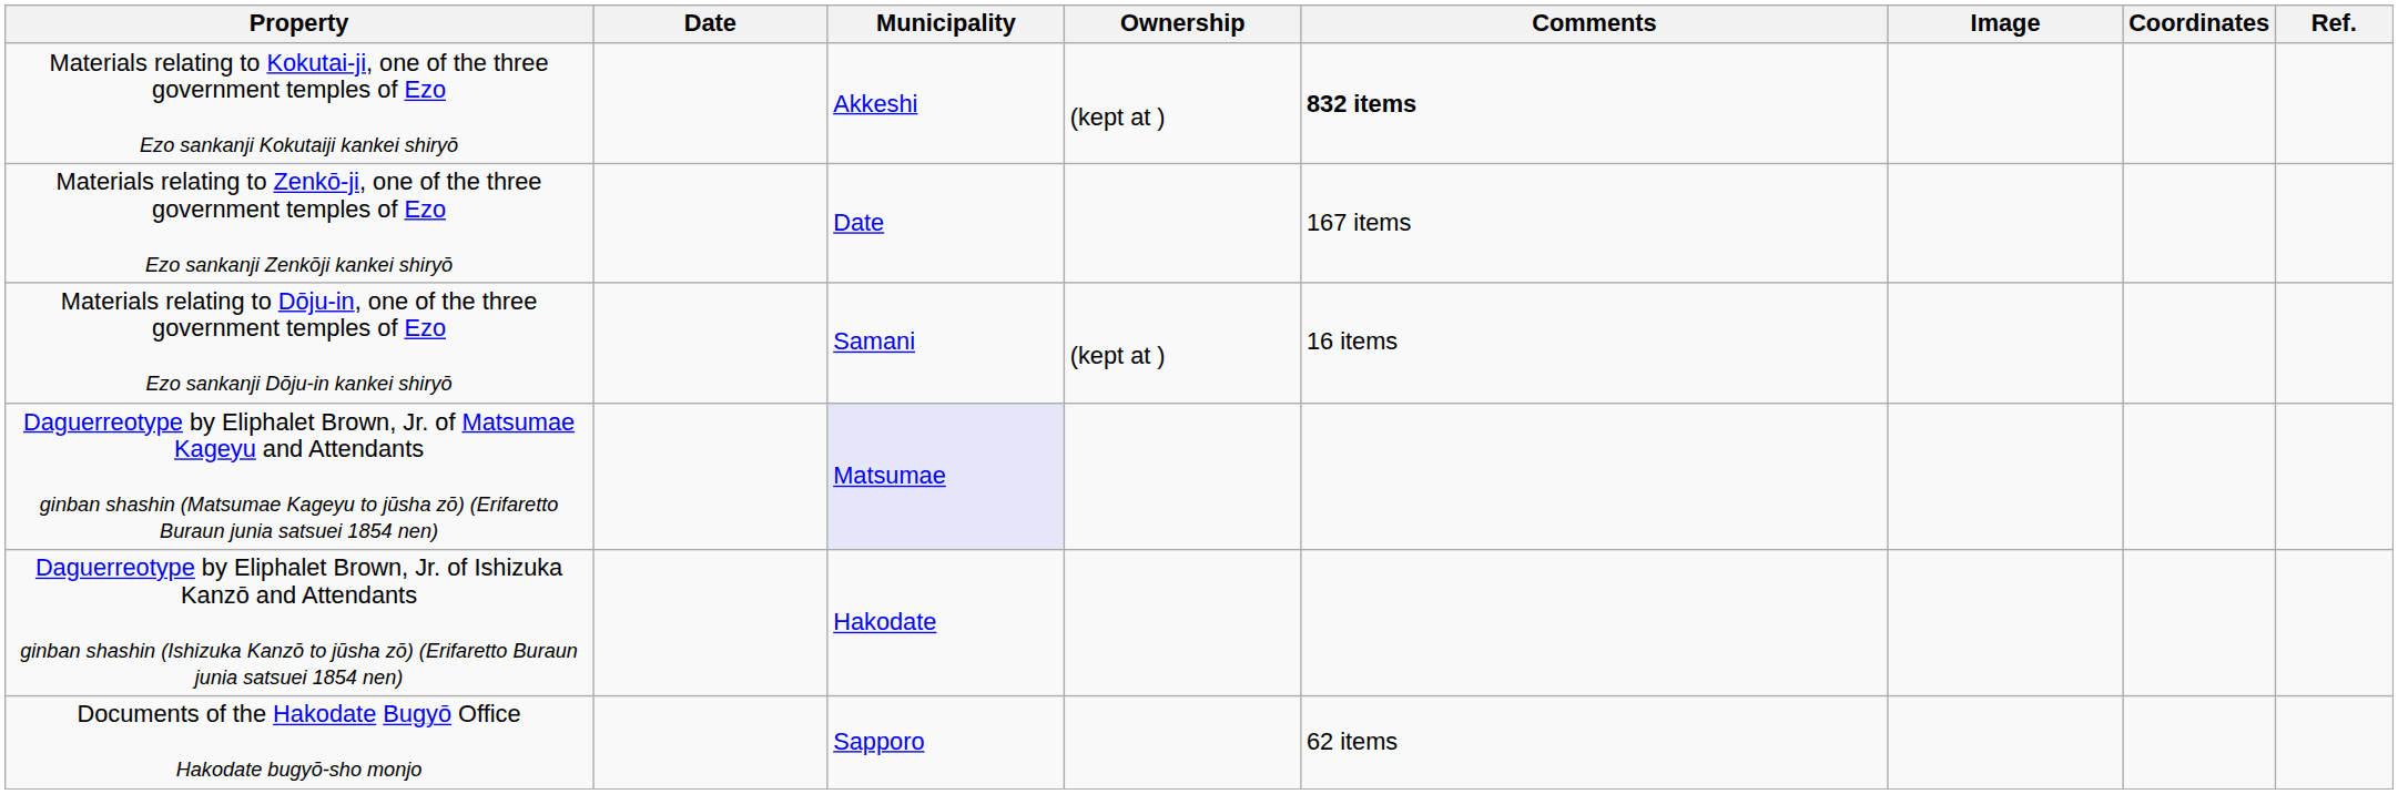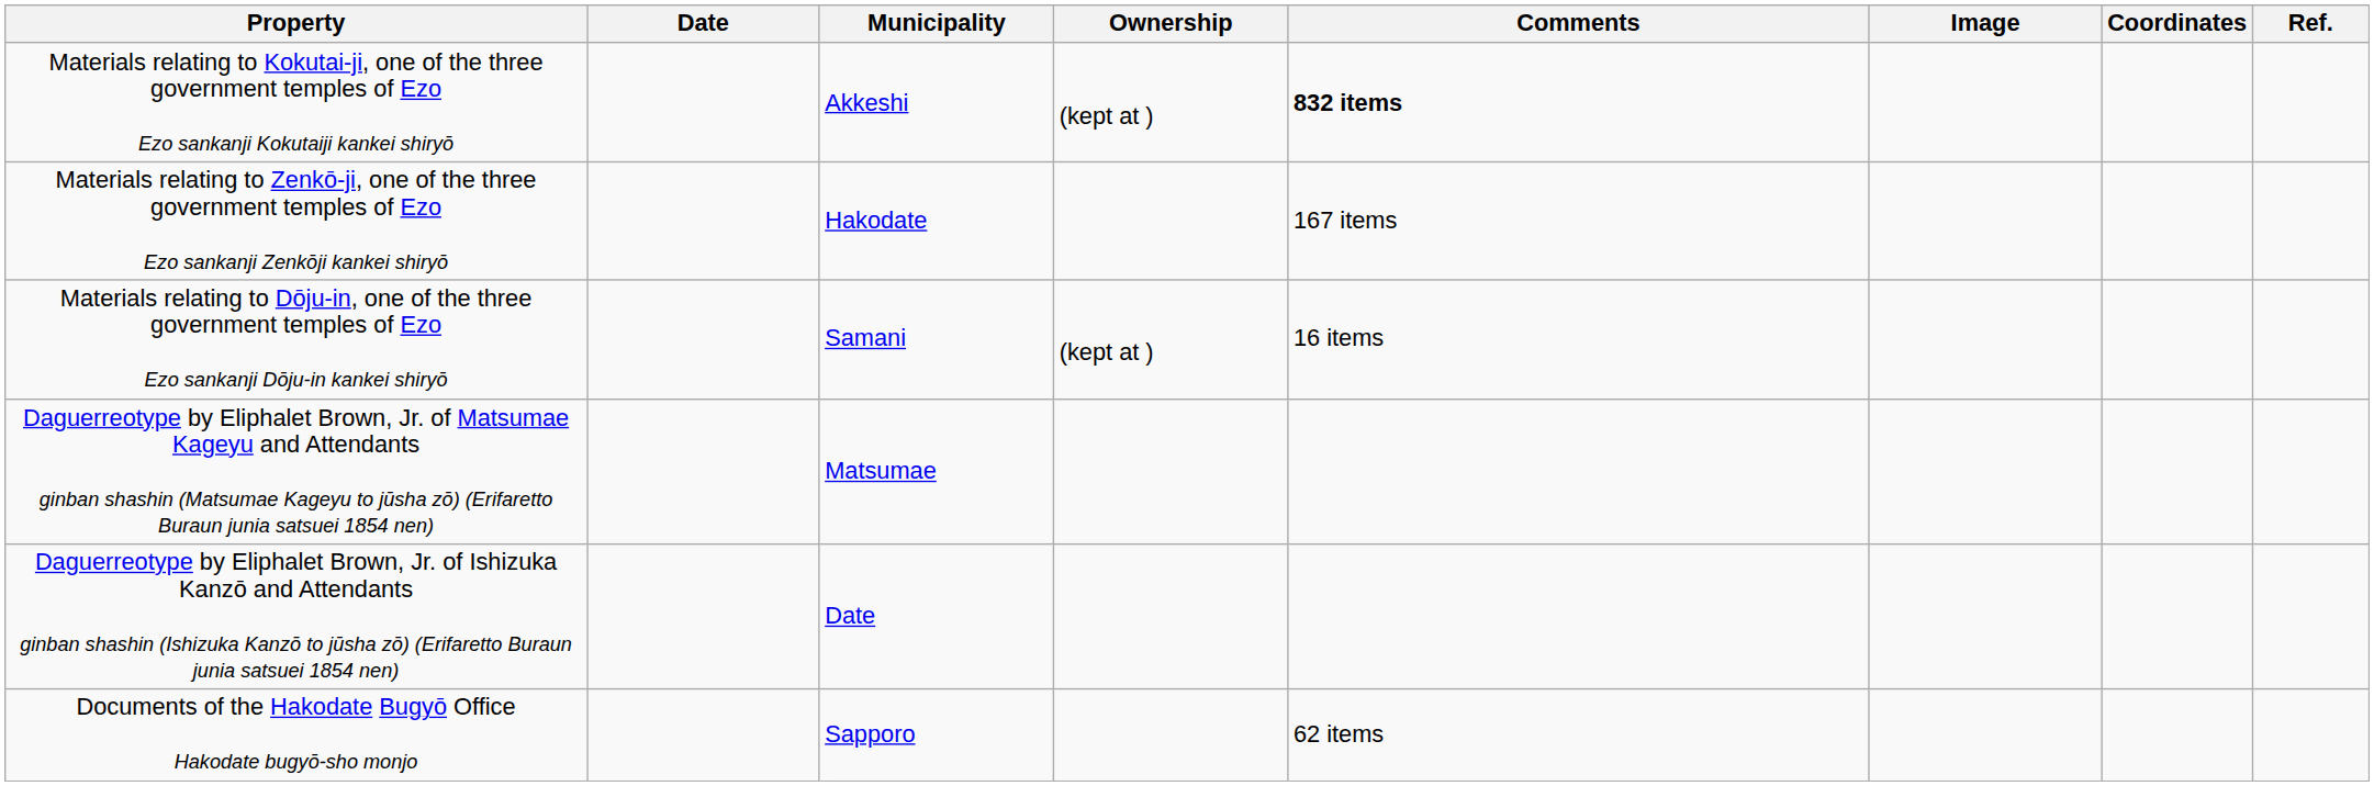 <table class="wikitable sortable"  style="width:100%;">
 <tr>
 <th width="25%" align="left">Property</th>
 <th width="10%" align="left" data-sort-type="number">Date</th>
 <th width="10%" align="left">Municipality</th>
 <th width="10%" align="left">Ownership</th>
 <th width="25%" align="left" class="unsortable">Comments</th>
 <th width="10%" align="left" class="unsortable">Image</th>
 <th width="5%" align="left" class="unsortable">Coordinates</th>
 <th width="5%" align="left" class="unsortable">Ref.</th>
 </tr>
 <tr>
 <td align="center">Materials relating to <a href='#'>Kokutai-ji</a>, one of the three government temples of <a href='#'>Ezo</a><br><br><small><em>Ezo sankanji Kokutaiji kankei shiryō</em></small></td>
 <td></td>
 <td><a href='#'>Akkeshi</a></td>
 <td><br>(kept at )</td>
 <td><strong>832 items</strong></td>
 <td></td>
 <td></td>
 <td></td>
 </tr>
 <tr>
 <td align="center">Materials relating to <a href='#'>Zenkō-ji</a>, one of the three government temples of <a href='#'>Ezo</a><br><br><small><em>Ezo sankanji Zenkōji kankei shiryō</em></small></td>
 <td></td>
-<td><a href='#'>Date</a></td>
+<td><a href='#'>Hakodate</a></td>
 <td></td>
 <td>167 items</td>
 <td></td>
 <td></td>
 <td></td>
 </tr>
 <tr>
 <td align="center">Materials relating to <a href='#'>Dōju-in</a>, one of the three government temples of <a href='#'>Ezo</a><br><br><small><em>Ezo sankanji Dōju-in kankei shiryō</em></small></td>
 <td></td>
 <td><a href='#'>Samani</a></td>
 <td><br>(kept at )</td>
 <td>16 items</td>
 <td></td>
 <td></td>
 <td></td>
 </tr>
 <tr>
 <td align="center"><a href='#'>Daguerreotype</a> by Eliphalet Brown, Jr. of <a href='#'>Matsumae Kageyu</a> and Attendants<br><br><small><em>ginban shashin (Matsumae Kageyu to jūsha zō) (Erifaretto Buraun junia satsuei 1854 nen)</em></small></td>
 <td></td>
-<td style="background: lavender;"><a href='#'>Matsumae</a></td>
+<td><a href='#'>Matsumae</a></td>
 <td></td>
 <td></td>
 <td></td>
 <td></td>
 <td></td>
 </tr>
 <tr>
 <td align="center"><a href='#'>Daguerreotype</a> by Eliphalet Brown, Jr. of Ishizuka Kanzō and Attendants<br><br><small><em>ginban shashin (Ishizuka Kanzō to jūsha zō) (Erifaretto Buraun junia satsuei 1854 nen)</em></small></td>
 <td></td>
-<td><a href='#'>Hakodate</a></td>
+<td><a href='#'>Date</a></td>
 <td></td>
 <td></td>
 <td></td>
 <td></td>
 <td></td>
 </tr>
 <tr>
 <td align="center">Documents of the <a href='#'>Hakodate</a> <a href='#'>Bugyō</a> Office<br><br><small><em>Hakodate bugyō-sho monjo</em></small></td>
 <td></td>
 <td><a href='#'>Sapporo</a></td>
 <td></td>
 <td>62 items</td>
 <td></td>
 <td></td>
 <td></td>
 </tr>
 <tr>
 </tr>
 </table>
